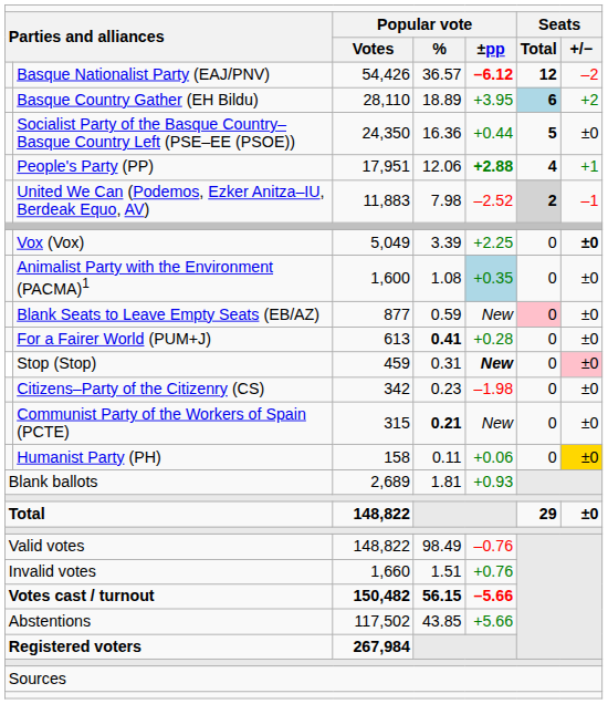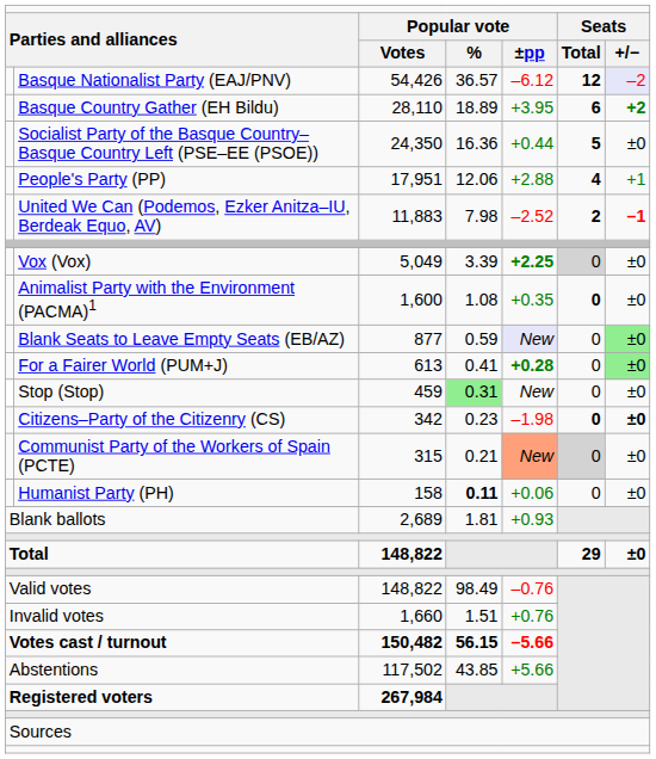 <table class="wikitable" style="text-align:right;">
 <tr>
 <td colspan="7"></td>
 </tr>
 <tr>
 <th style="text-align:left;" rowspan="2" colspan="2" width="525">Parties and alliances</th>
 <th colspan="3">Popular vote</th>
 <th colspan="2">Seats</th>
 </tr>
 <tr>
 <th width="75">Votes</th>
 <th width="45">%</th>
 <th width="45">±<a href='#'>pp</a></th>
 <th width="35">Total</th>
 <th width="35">+/−</th>
 </tr>
 <tr>
 <td width="1" style="color:inherit;background:"></td>
 <td align="left"><a href='#'>Basque Nationalist Party</a> (EAJ/PNV)</td>
 <td>54,426</td>
 <td>36.57</td>
-<td style="color:red;"><strong>–6.12</strong></td>
+<td style="color:red;">–6.12</td>
 <td><strong>12</strong></td>
-<td style="color:red;">–2</td>
+<td style="background: lavender; color:red;">–2</td>
 </tr>
 <tr>
 <td style="color:inherit;background:"></td>
 <td align="left"><a href='#'>Basque Country Gather</a> (EH Bildu)</td>
 <td>28,110</td>
 <td>18.89</td>
 <td style="color:green;">+3.95</td>
-<td style="background: lightblue;"><strong>6</strong></td>
-<td style="color:green;">+2</td>
+<td><strong>6</strong></td>
+<td style="color:green;"><strong>+2</strong></td>
 </tr>
 <tr>
 <td style="color:inherit;background:"></td>
 <td align="left"><a href='#'>Socialist Party of the Basque Country–Basque Country Left</a> (PSE–EE (PSOE))</td>
 <td>24,350</td>
 <td>16.36</td>
 <td style="color:green;">+0.44</td>
 <td><strong>5</strong></td>
 <td>±0</td>
 </tr>
 <tr>
 <td style="color:inherit;background:"></td>
 <td align="left"><a href='#'>People's Party</a> (PP)</td>
 <td>17,951</td>
 <td>12.06</td>
-<td style="color:green;"><strong>+2.88</strong></td>
+<td style="color:green;">+2.88</td>
 <td><strong>4</strong></td>
 <td style="color:green;">+1</td>
 </tr>
 <tr>
 <td style="color:inherit;background:"></td>
 <td align="left"><a href='#'>United We Can</a> (<a href='#'>Podemos</a>, <a href='#'>Ezker Anitza–IU</a>, <a href='#'>Berdeak Equo</a>, <a href='#'>AV</a>)</td>
 <td>11,883</td>
 <td>7.98</td>
 <td style="color:red;">–2.52</td>
-<td style="background: lightgrey;"><strong>2</strong></td>
-<td style="color:red;">–1</td>
+<td><strong>2</strong></td>
+<td style="color:red;"><strong>–1</strong></td>
 </tr>
 <tr>
 <td colspan="7" bgcolor="#C0C0C0"></td>
 </tr>
 <tr>
 <td style="color:inherit;background:"></td>
 <td align="left"><a href='#'>Vox</a> (Vox)</td>
 <td>5,049</td>
 <td>3.39</td>
-<td style="color:green;">+2.25</td>
-<td>0</td>
-<td><strong>±0</strong></td>
+<td style="color:green;"><strong>+2.25</strong></td>
+<td style="background: lightgrey;">0</td>
+<td>±0</td>
 </tr>
 <tr>
 <td style="color:inherit;background:"></td>
 <td align="left"><a href='#'>Animalist Party with the Environment</a> (PACMA)<sup>1</sup></td>
 <td>1,600</td>
 <td>1.08</td>
-<td style="background: lightblue; color:green;">+0.35</td>
-<td>0</td>
+<td style="color:green;">+0.35</td>
+<td><strong>0</strong></td>
 <td>±0</td>
 </tr>
 <tr>
 <td style="color:inherit;background:"></td>
 <td align="left"><a href='#'>Blank Seats to Leave Empty Seats</a> (EB/AZ)</td>
 <td>877</td>
 <td>0.59</td>
-<td><em>New</em></td>
-<td style="background: pink;">0</td>
-<td>±0</td>
+<td style="background: lavender;"><em>New</em></td>
+<td>0</td>
+<td style="background: lightgreen;">±0</td>
 </tr>
 <tr>
 <td style="color:inherit;background:"></td>
 <td align="left"><a href='#'>For a Fairer World</a> (PUM+J)</td>
 <td>613</td>
-<td><strong>0.41</strong></td>
-<td style="color:green;">+0.28</td>
+<td>0.41</td>
+<td style="color:green;"><strong>+0.28</strong></td>
 <td>0</td>
-<td>±0</td>
+<td style="background: lightgreen;">±0</td>
 </tr>
 <tr>
 <td bgcolor="white"></td>
 <td align="left">Stop (Stop)</td>
 <td>459</td>
-<td>0.31</td>
-<td><strong><em>New</em></strong></td>
+<td style="background: lightgreen;">0.31</td>
+<td><em>New</em></td>
 <td>0</td>
-<td style="background: pink;">±0</td>
+<td>±0</td>
 </tr>
 <tr>
 <td style="color:inherit;background:"></td>
 <td align="left"><a href='#'>Citizens–Party of the Citizenry</a> (CS)</td>
 <td>342</td>
 <td>0.23</td>
 <td style="color:red;">–1.98</td>
-<td>0</td>
-<td>±0</td>
+<td><strong>0</strong></td>
+<td><strong>±0</strong></td>
 </tr>
 <tr>
 <td style="color:inherit;background:"></td>
 <td align="left"><a href='#'>Communist Party of the Workers of Spain</a> (PCTE)</td>
 <td>315</td>
-<td><strong>0.21</strong></td>
-<td><em>New</em></td>
-<td>0</td>
+<td>0.21</td>
+<td style="background: lightsalmon;"><em>New</em></td>
+<td style="background: lightgrey;">0</td>
 <td>±0</td>
 </tr>
 <tr>
 <td style="color:inherit;background:"></td>
 <td align="left"><a href='#'>Humanist Party</a> (PH)</td>
 <td>158</td>
-<td>0.11</td>
+<td><strong>0.11</strong></td>
 <td style="color:green;">+0.06</td>
 <td>0</td>
-<td style="background: gold;">±0</td>
+<td>±0</td>
 </tr>
 <tr>
 <td align="left" colspan="2">Blank ballots</td>
 <td>2,689</td>
 <td>1.81</td>
 <td style="color:green;">+0.93</td>
 <td bgcolor="#E9E9E9" colspan="2"></td>
 </tr>
 <tr>
 <td colspan="7" bgcolor="#E9E9E9"></td>
 </tr>
 <tr style="font-weight:bold;">
 <td align="left" colspan="2">Total</td>
 <td>148,822</td>
 <td bgcolor="#E9E9E9" colspan="2"></td>
 <td>29</td>
 <td>±0</td>
 </tr>
 <tr>
 <td colspan="7" bgcolor="#E9E9E9"></td>
 </tr>
 <tr>
 <td align="left" colspan="2">Valid votes</td>
 <td>148,822</td>
 <td>98.49</td>
 <td style="color:red;">–0.76</td>
 <td bgcolor="#E9E9E9" colspan="2" rowspan="5"></td>
 </tr>
 <tr>
 <td align="left" colspan="2">Invalid votes</td>
 <td>1,660</td>
 <td>1.51</td>
 <td style="color:green;">+0.76</td>
 </tr>
 <tr style="font-weight:bold;">
 <td align="left" colspan="2">Votes cast / turnout</td>
 <td>150,482</td>
 <td>56.15</td>
 <td style="color:red;">–5.66</td>
 </tr>
 <tr>
 <td align="left" colspan="2">Abstentions</td>
 <td>117,502</td>
 <td>43.85</td>
 <td style="color:green;">+5.66</td>
 </tr>
 <tr style="font-weight:bold;">
 <td align="left" colspan="2">Registered voters</td>
 <td>267,984</td>
 <td bgcolor="#E9E9E9" colspan="2"></td>
 </tr>
 <tr>
 <td colspan="7" bgcolor="#E9E9E9"></td>
 </tr>
 <tr>
 <td align="left" colspan="7">Sources</td>
 </tr>
 <tr>
 <td colspan="7" style="text-align:left; max-width:790px;"></td>
 </tr>
 </table>
